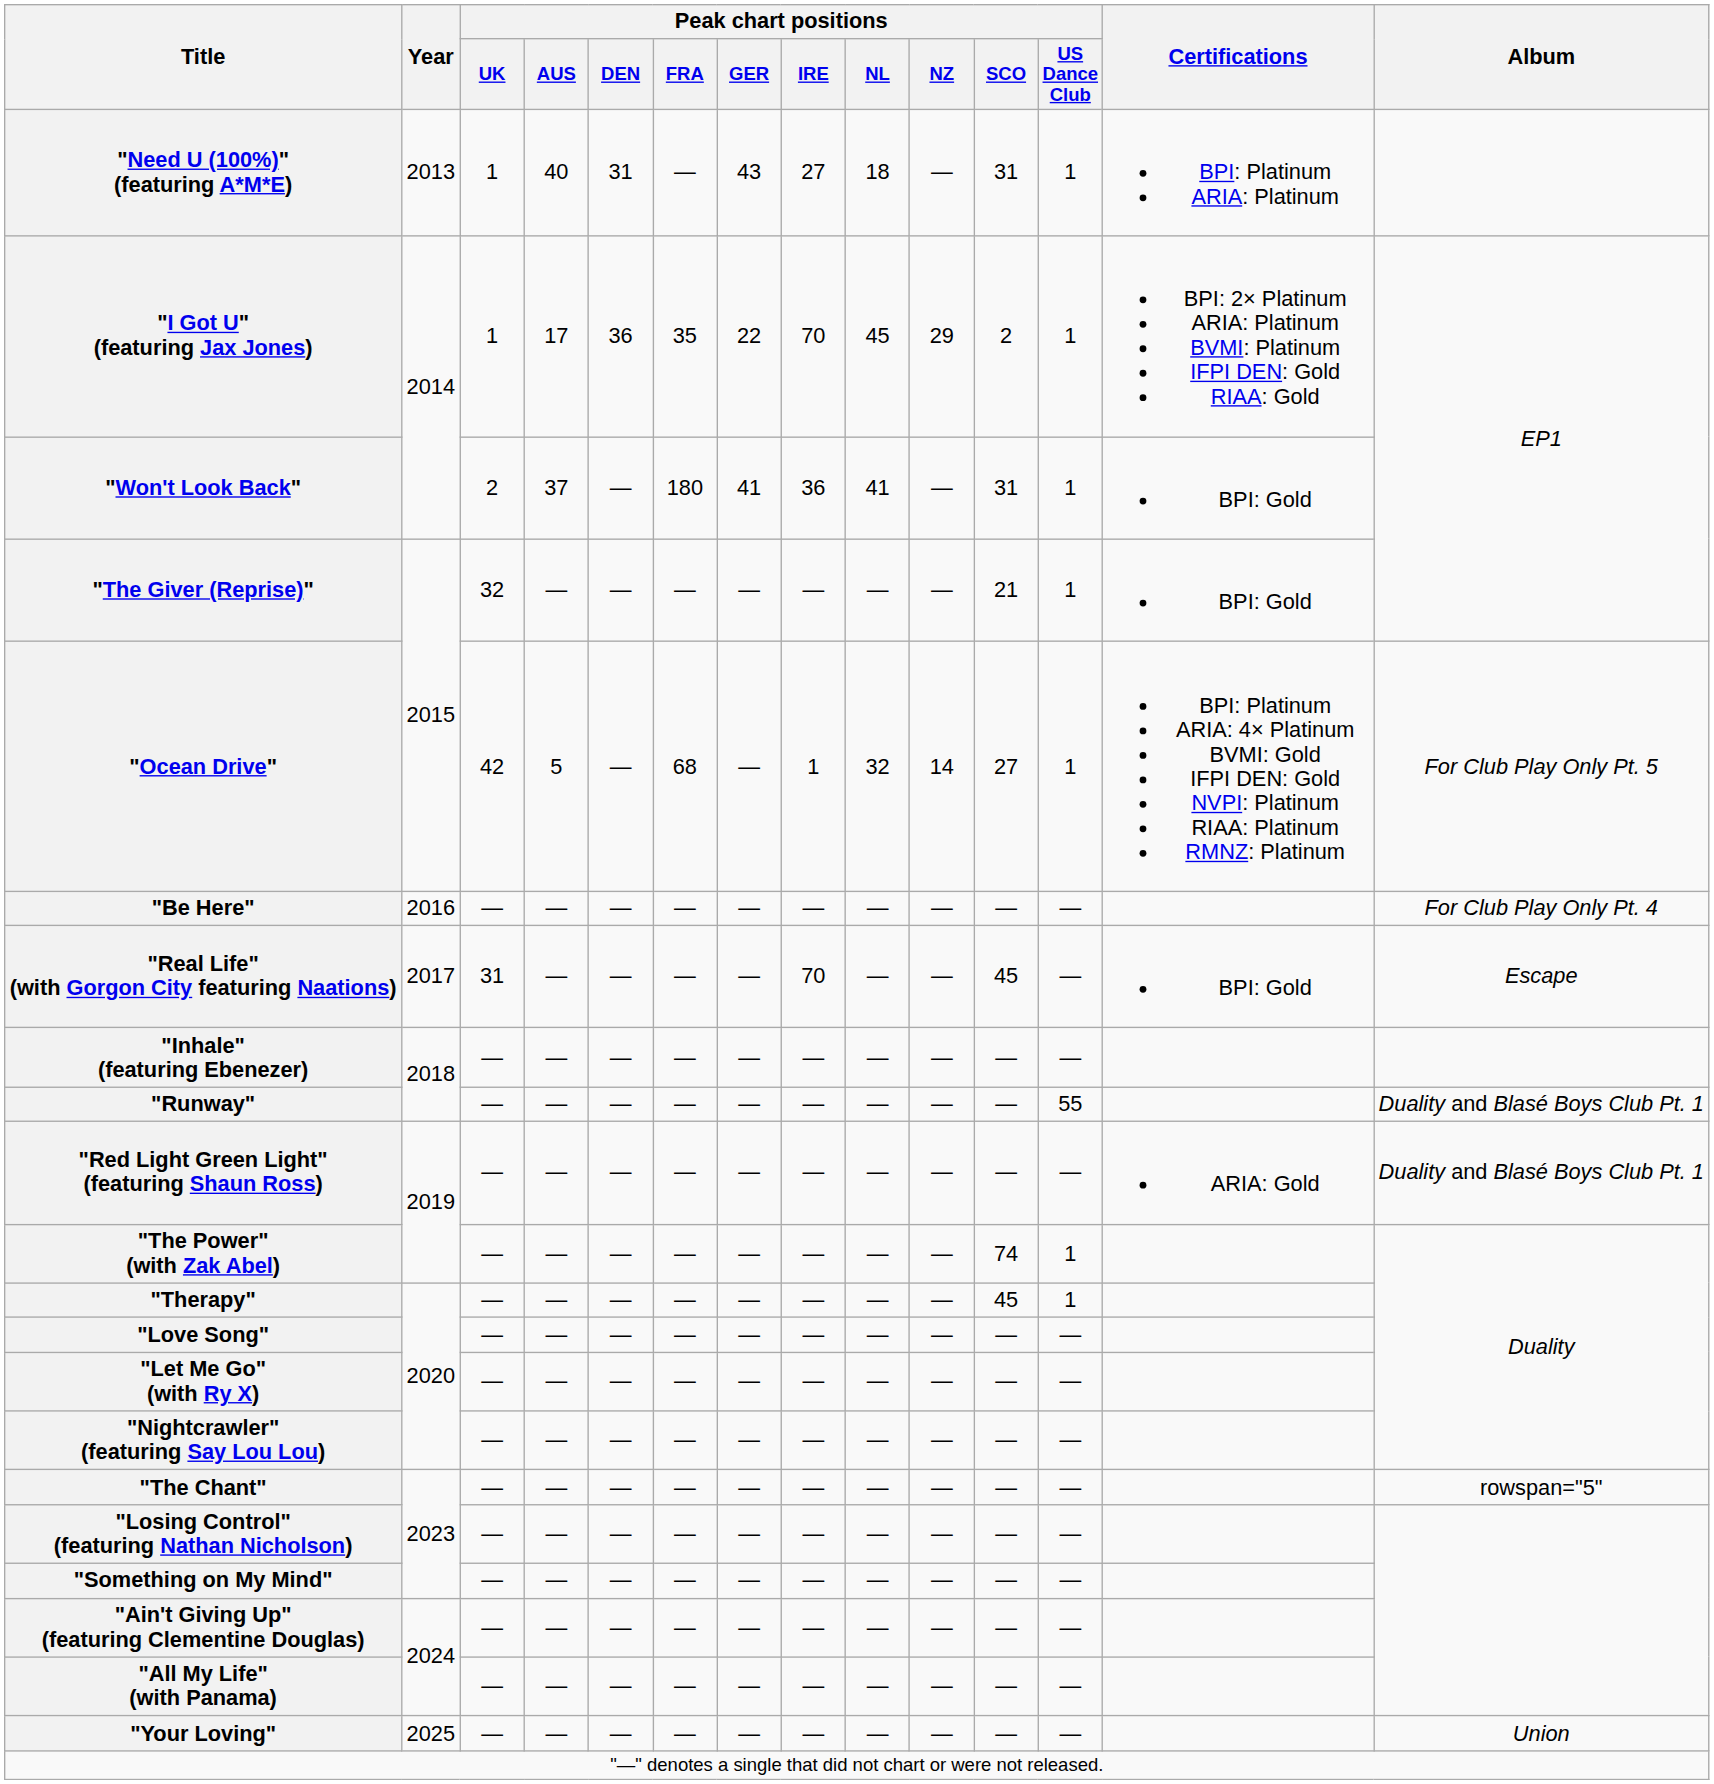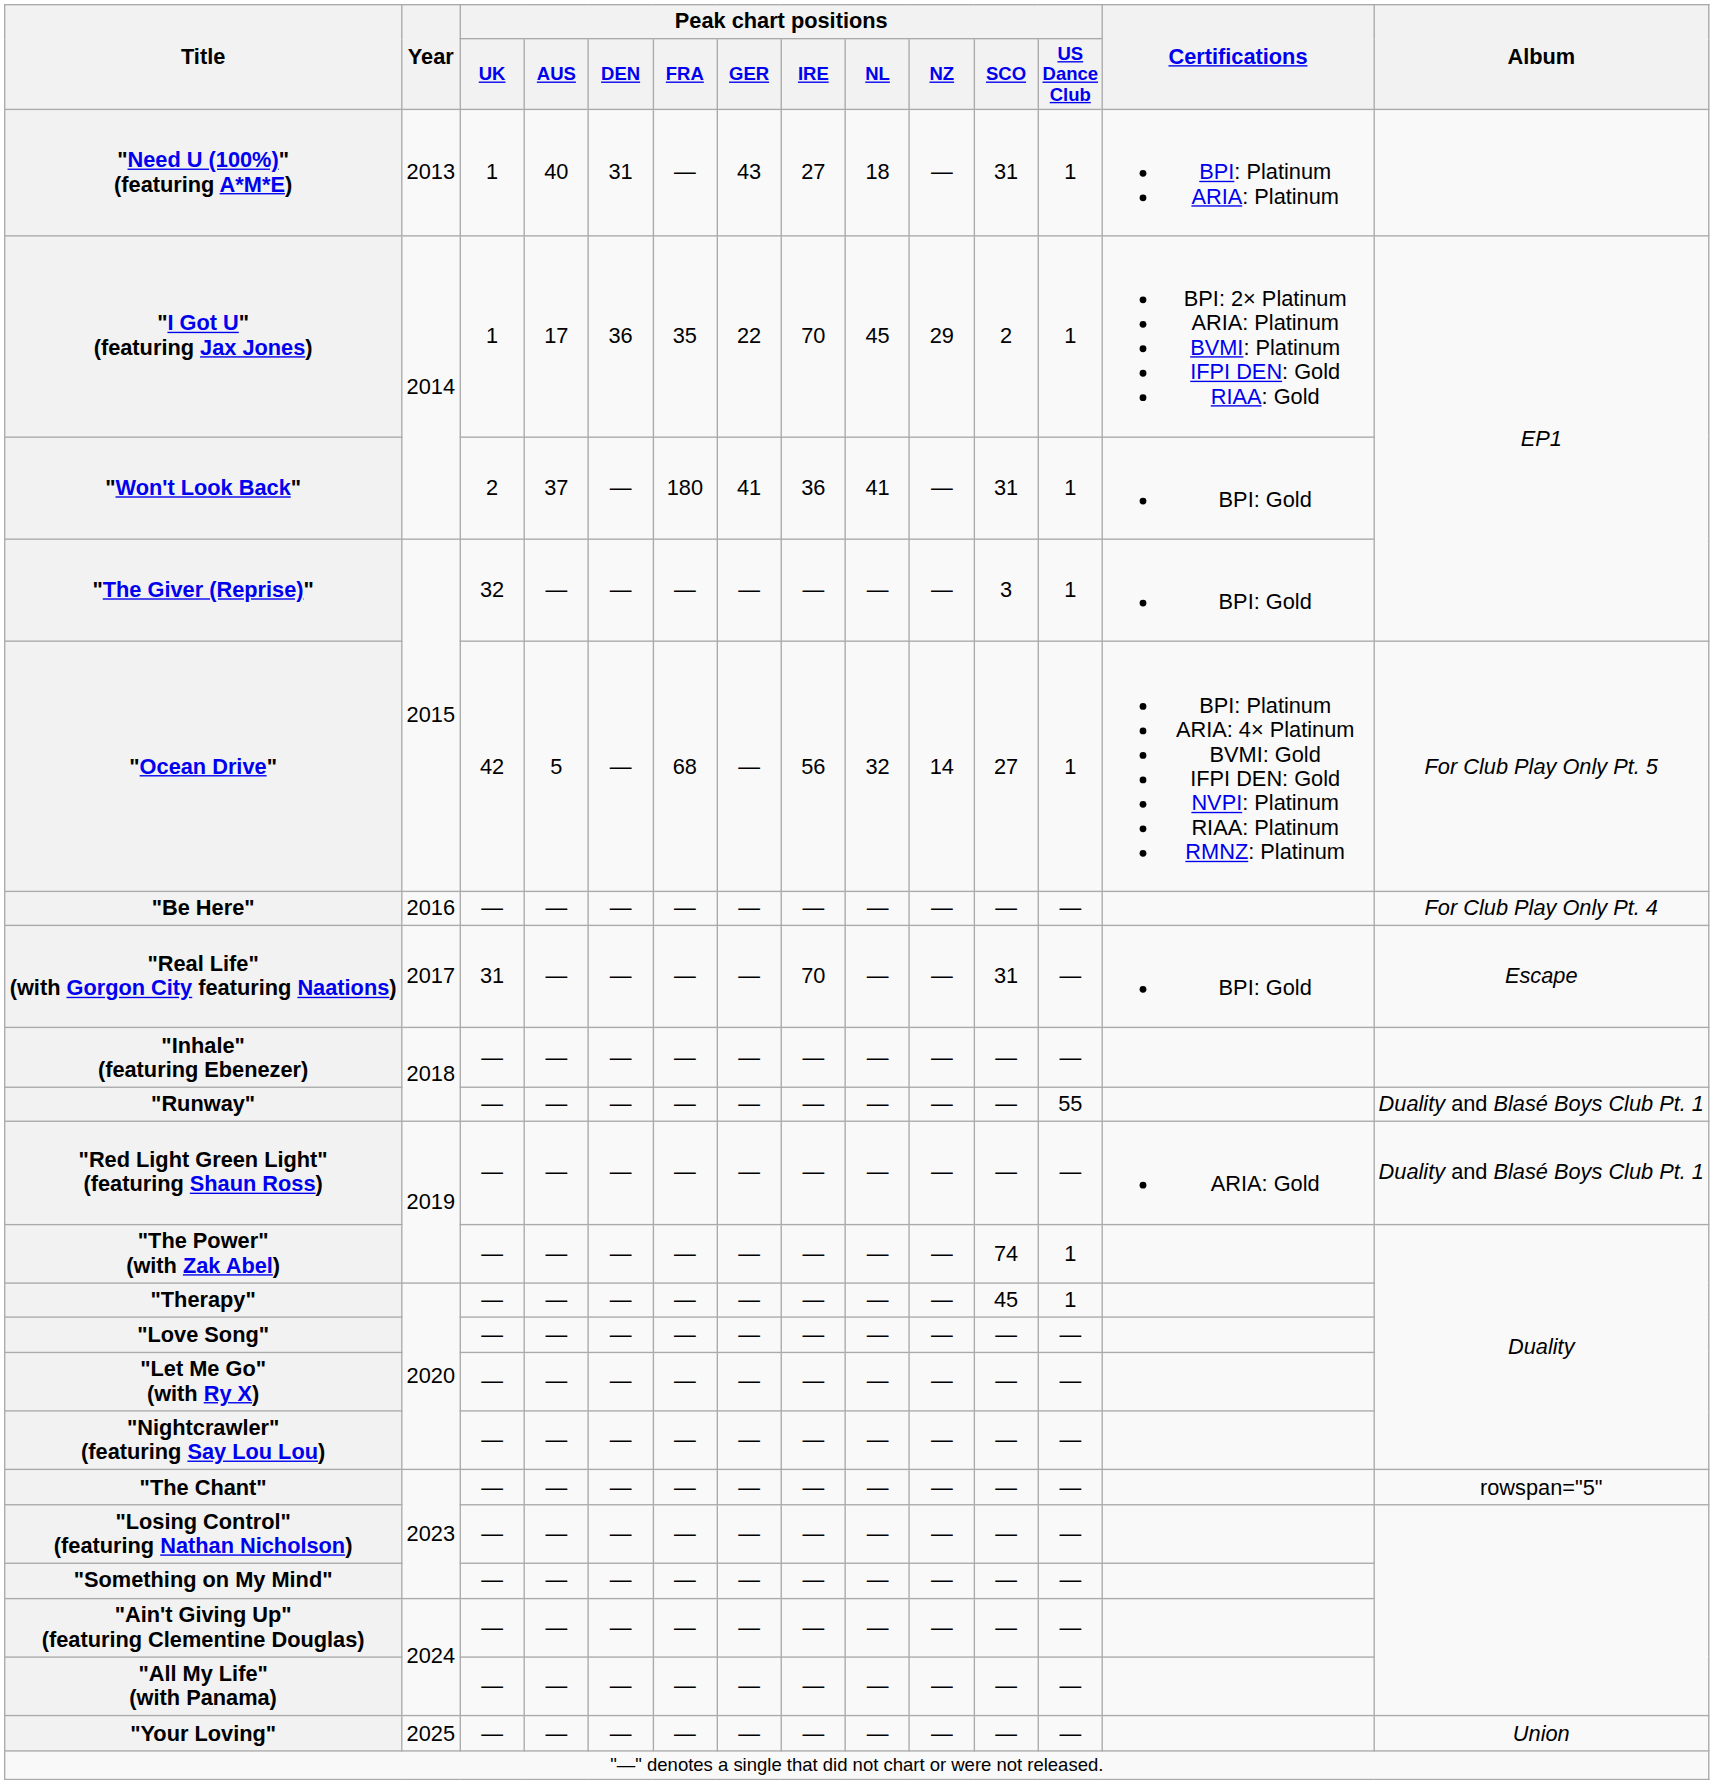 <table class="wikitable plainrowheaders" style="text-align:center;">
 <tr>
 <th scope="col" rowspan="2">Title</th>
 <th scope="col" rowspan="2" style="width:1em;">Year</th>
 <th scope="col" colspan="10">Peak chart positions</th>
 <th scope="col" rowspan="2" style="width:12em;"><a href='#'>Certifications</a></th>
 <th scope="col" rowspan="2">Album</th>
 </tr>
 <tr>
 <th scope="col" style="width:3em;font-size:85%;"><a href='#'>UK</a><br></th>
 <th scope="col" style="width:3em;font-size:85%;"><a href='#'>AUS</a><br></th>
 <th scope="col" style="width:3em;font-size:85%;"><a href='#'>DEN</a><br></th>
 <th scope="col" style="width:3em;font-size:85%;"><a href='#'>FRA</a><br></th>
 <th scope="col" style="width:3em;font-size:85%;"><a href='#'>GER</a><br></th>
 <th scope="col" style="width:3em;font-size:85%;"><a href='#'>IRE</a><br></th>
 <th scope="col" style="width:3em;font-size:85%;"><a href='#'>NL</a><br></th>
 <th scope="col" style="width:3em;font-size:85%;"><a href='#'>NZ</a><br></th>
 <th scope="col" style="width:3em;font-size:85%;"><a href='#'>SCO</a><br></th>
 <th scope="col" style="width:3em;font-size:85%;"><a href='#'>US<br>Dance<br>Club</a><br></th>
 </tr>
 <tr>
 <th scope="row">"<a href='#'>Need U (100%)</a>"<br><span>(featuring <a href='#'>A*M*E</a>)</span></th>
 <td>2013</td>
 <td>1</td>
 <td>40</td>
 <td>31</td>
 <td>—</td>
 <td>43</td>
 <td>27</td>
 <td>18</td>
 <td>—</td>
 <td>31</td>
 <td>1</td>
 <td><br><ul><li><a href='#'>BPI</a>: Platinum</li><li><a href='#'>ARIA</a>: Platinum</li></ul></td>
 <td></td>
 </tr>
 <tr>
 <th scope="row">"<a href='#'>I Got U</a>"<br><span>(featuring <a href='#'>Jax Jones</a>)</span></th>
 <td rowspan="2">2014</td>
 <td>1</td>
 <td>17</td>
 <td>36</td>
 <td>35</td>
 <td>22</td>
 <td>70</td>
 <td>45</td>
 <td>29</td>
 <td>2</td>
 <td>1</td>
 <td><br><ul><li>BPI: 2× Platinum</li><li>ARIA: Platinum</li><li><a href='#'>BVMI</a>: Platinum</li><li><a href='#'>IFPI DEN</a>: Gold</li><li><a href='#'>RIAA</a>: Gold</li></ul></td>
 <td rowspan="3"><em>EP1</em></td>
 </tr>
 <tr>
 <th scope="row">"<a href='#'>Won't Look Back</a>"</th>
 <td>2</td>
 <td>37</td>
 <td>—</td>
 <td>180</td>
 <td>41</td>
 <td>36</td>
 <td>41</td>
 <td>—</td>
 <td>31</td>
 <td>1</td>
 <td><br><ul><li>BPI: Gold</li></ul></td>
 </tr>
 <tr>
 <th scope="row">"<a href='#'>The Giver (Reprise)</a>"</th>
 <td rowspan="2">2015</td>
 <td>32</td>
 <td>—</td>
 <td>—</td>
 <td>—</td>
 <td>—</td>
 <td>—</td>
 <td>—</td>
 <td>—</td>
-<td>21</td>
+<td>3</td>
 <td>1</td>
 <td><br><ul><li>BPI: Gold</li></ul></td>
 </tr>
 <tr>
 <th scope="row">"<a href='#'>Ocean Drive</a>"</th>
 <td>42</td>
 <td>5</td>
 <td>—</td>
 <td>68</td>
 <td>—</td>
-<td>1</td>
+<td>56</td>
 <td>32</td>
 <td>14</td>
 <td>27</td>
 <td>1</td>
 <td><br><ul><li>BPI: Platinum</li><li>ARIA: 4× Platinum</li><li>BVMI: Gold</li><li>IFPI DEN: Gold</li><li><a href='#'>NVPI</a>: Platinum</li><li>RIAA: Platinum</li><li><a href='#'>RMNZ</a>: Platinum</li></ul></td>
 <td><em>For Club Play Only Pt. 5</em></td>
 </tr>
 <tr>
 <th scope="row">"Be Here"</th>
 <td>2016</td>
 <td>—</td>
 <td>—</td>
 <td>—</td>
 <td>—</td>
 <td>—</td>
 <td>—</td>
 <td>—</td>
 <td>—</td>
 <td>—</td>
 <td>—</td>
 <td></td>
 <td><em>For Club Play Only Pt. 4</em></td>
 </tr>
 <tr>
 <th scope="row">"Real Life"<br><span>(with <a href='#'>Gorgon City</a> featuring <a href='#'>Naations</a>)</span></th>
 <td>2017</td>
 <td>31</td>
 <td>—</td>
 <td>—</td>
 <td>—</td>
 <td>—</td>
 <td>70</td>
 <td>—</td>
 <td>—</td>
-<td>45</td>
+<td>31</td>
 <td>—</td>
 <td><br><ul><li>BPI: Gold</li></ul></td>
 <td><em>Escape</em></td>
 </tr>
 <tr>
 <th scope="row">"Inhale"<br><span>(featuring Ebenezer)</span></th>
 <td rowspan="2">2018</td>
 <td>—</td>
 <td>—</td>
 <td>—</td>
 <td>—</td>
 <td>—</td>
 <td>—</td>
 <td>—</td>
 <td>—</td>
 <td>—</td>
 <td>—</td>
 <td></td>
 <td></td>
 </tr>
 <tr>
 <th scope="row">"Runway"</th>
 <td>—</td>
 <td>—</td>
 <td>—</td>
 <td>—</td>
 <td>—</td>
 <td>—</td>
 <td>—</td>
 <td>—</td>
 <td>—</td>
 <td>55</td>
 <td></td>
 <td><em>Duality</em> and <em>Blasé Boys Club Pt. 1</em></td>
 </tr>
 <tr>
 <th scope="row">"Red Light Green Light"<br><span>(featuring <a href='#'>Shaun Ross</a>)</span></th>
 <td rowspan="2">2019</td>
 <td>—</td>
 <td>—</td>
 <td>—</td>
 <td>—</td>
 <td>—</td>
 <td>—</td>
 <td>—</td>
 <td>—</td>
 <td>—</td>
 <td>—</td>
 <td><br><ul><li>ARIA: Gold</li></ul></td>
 <td><em>Duality</em> and <em>Blasé Boys Club Pt. 1</em></td>
 </tr>
 <tr>
 <th scope="row">"The Power"<br><span>(with <a href='#'>Zak Abel</a>)</span></th>
 <td>—</td>
 <td>—</td>
 <td>—</td>
 <td>—</td>
 <td>—</td>
 <td>—</td>
 <td>—</td>
 <td>—</td>
 <td>74</td>
 <td>1</td>
 <td></td>
 <td rowspan="5"><em>Duality</em></td>
 </tr>
 <tr>
 <th scope="row">"Therapy"</th>
 <td rowspan="4">2020</td>
 <td>—</td>
 <td>—</td>
 <td>—</td>
 <td>—</td>
 <td>—</td>
 <td>—</td>
 <td>—</td>
 <td>—</td>
 <td>45</td>
 <td>1</td>
 <td></td>
 </tr>
 <tr>
 <th scope="row">"Love Song"</th>
 <td>—</td>
 <td>—</td>
 <td>—</td>
 <td>—</td>
 <td>—</td>
 <td>—</td>
 <td>—</td>
 <td>—</td>
 <td>—</td>
 <td>—</td>
 <td></td>
 </tr>
 <tr>
 <th scope="row">"Let Me Go"<br><span>(with <a href='#'>Ry X</a>)</span></th>
 <td>—</td>
 <td>—</td>
 <td>—</td>
 <td>—</td>
 <td>—</td>
 <td>—</td>
 <td>—</td>
 <td>—</td>
 <td>—</td>
 <td>—</td>
 <td></td>
 </tr>
 <tr>
 <th scope="row">"Nightcrawler"<br><span>(featuring <a href='#'>Say Lou Lou</a>)</span></th>
 <td>—</td>
 <td>—</td>
 <td>—</td>
 <td>—</td>
 <td>—</td>
 <td>—</td>
 <td>—</td>
 <td>—</td>
 <td>—</td>
 <td>—</td>
 <td></td>
 </tr>
 <tr>
 <th scope="row">"The Chant"</th>
 <td rowspan="3">2023</td>
 <td>—</td>
 <td>—</td>
 <td>—</td>
 <td>—</td>
 <td>—</td>
 <td>—</td>
 <td>—</td>
 <td>—</td>
 <td>—</td>
 <td>—</td>
 <td></td>
 <td>rowspan="5" </td>
 </tr>
 <tr>
 <th scope="row">"Losing Control"<br><span>(featuring <a href='#'>Nathan Nicholson</a>)</span></th>
 <td>—</td>
 <td>—</td>
 <td>—</td>
 <td>—</td>
 <td>—</td>
 <td>—</td>
 <td>—</td>
 <td>—</td>
 <td>—</td>
 <td>—</td>
 <td></td>
 </tr>
 <tr>
 <th scope="row">"Something on My Mind"<br></th>
 <td>—</td>
 <td>—</td>
 <td>—</td>
 <td>—</td>
 <td>—</td>
 <td>—</td>
 <td>—</td>
 <td>—</td>
 <td>—</td>
 <td>—</td>
 <td></td>
 </tr>
 <tr>
 <th scope="row">"Ain't Giving Up"<br><span>(featuring Clementine Douglas)</span></th>
 <td rowspan="2">2024</td>
 <td>—</td>
 <td>—</td>
 <td>—</td>
 <td>—</td>
 <td>—</td>
 <td>—</td>
 <td>—</td>
 <td>—</td>
 <td>—</td>
 <td>—</td>
 <td></td>
 </tr>
 <tr>
 <th scope="row">"All My Life"<br><span>(with Panama)</span></th>
 <td>—</td>
 <td>—</td>
 <td>—</td>
 <td>—</td>
 <td>—</td>
 <td>—</td>
 <td>—</td>
 <td>—</td>
 <td>—</td>
 <td>—</td>
 <td></td>
 </tr>
 <tr>
 <th scope="row">"Your Loving"</th>
 <td rowspan="1">2025</td>
 <td>—</td>
 <td>—</td>
 <td>—</td>
 <td>—</td>
 <td>—</td>
 <td>—</td>
 <td>—</td>
 <td>—</td>
 <td>—</td>
 <td>—</td>
 <td></td>
 <td><em>Union</em></td>
 </tr>
 <tr>
 <td colspan="14" style="font-size:85%">"—" denotes a single that did not chart or were not released.</td>
 </tr>
 </table>
